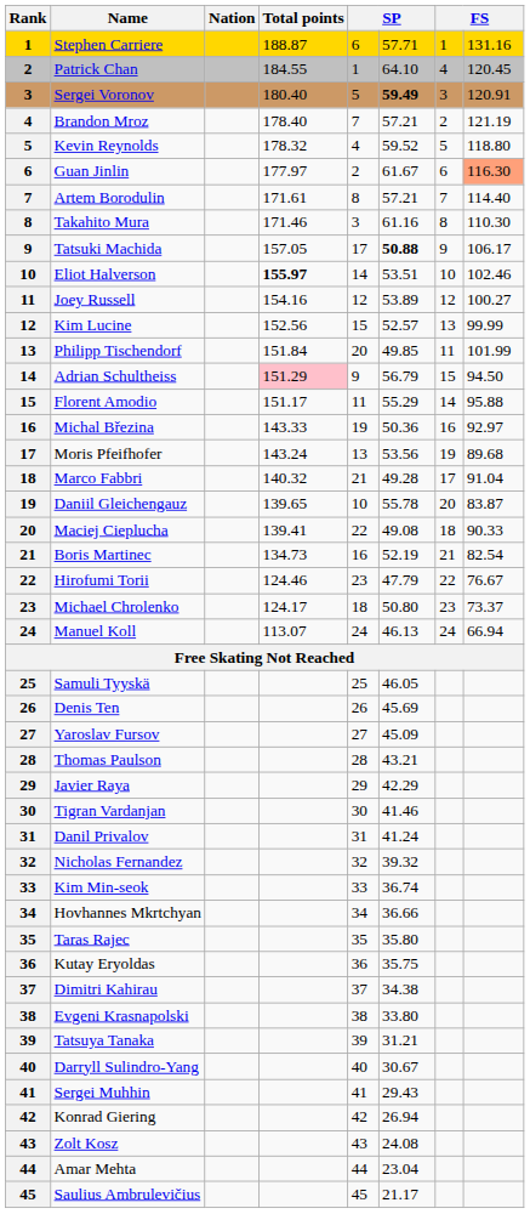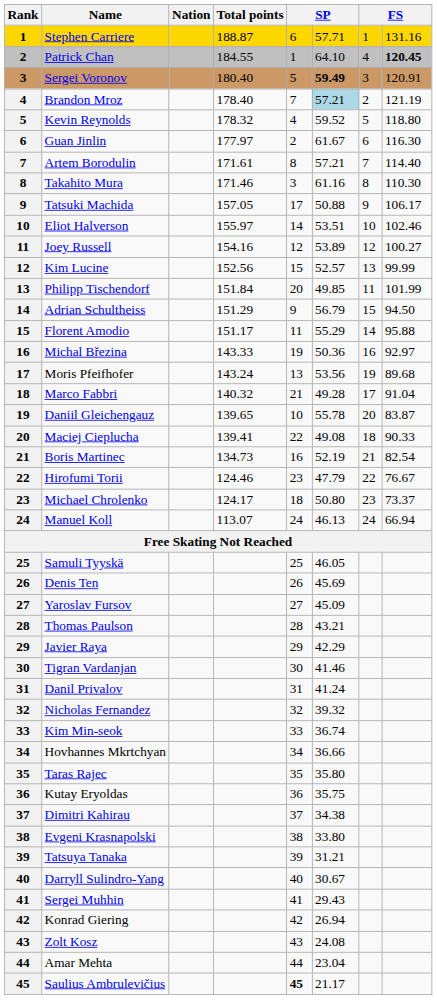 <table class="wikitable">
 <tr>
 <th>Rank</th>
 <th>Name</th>
 <th>Nation</th>
 <th>Total points</th>
 <th colspan="2" width="80px"><a href='#'>SP</a></th>
 <th colspan="2" width="80px"><a href='#'>FS</a></th>
 </tr>
 <tr bgcolor=gold>
 <td align=center><strong>1</strong></td>
 <td><a href='#'>Stephen Carriere</a></td>
 <td></td>
 <td>188.87</td>
 <td>6</td>
 <td>57.71</td>
 <td>1</td>
 <td>131.16</td>
 </tr>
 <tr bgcolor=silver>
 <td align=center><strong>2</strong></td>
 <td><a href='#'>Patrick Chan</a></td>
 <td></td>
 <td>184.55</td>
 <td>1</td>
 <td>64.10</td>
 <td>4</td>
-<td>120.45</td>
+<td><strong>120.45</strong></td>
 </tr>
 <tr bgcolor=cc9966>
 <td align=center><strong>3</strong></td>
 <td><a href='#'>Sergei Voronov</a></td>
 <td></td>
 <td>180.40</td>
 <td>5</td>
 <td><strong>59.49</strong></td>
 <td>3</td>
 <td>120.91</td>
 </tr>
 <tr>
 <th>4</th>
 <td><a href='#'>Brandon Mroz</a></td>
 <td></td>
 <td>178.40</td>
 <td>7</td>
-<td>57.21</td>
+<td style="background: lightblue;">57.21</td>
 <td>2</td>
 <td>121.19</td>
 </tr>
 <tr>
 <th>5</th>
 <td><a href='#'>Kevin Reynolds</a></td>
 <td></td>
 <td>178.32</td>
 <td>4</td>
 <td>59.52</td>
 <td>5</td>
 <td>118.80</td>
 </tr>
 <tr>
 <th>6</th>
 <td><a href='#'>Guan Jinlin</a></td>
 <td></td>
 <td>177.97</td>
 <td>2</td>
 <td>61.67</td>
 <td>6</td>
-<td style="background: lightsalmon;">116.30</td>
+<td>116.30</td>
 </tr>
 <tr>
 <th>7</th>
 <td><a href='#'>Artem Borodulin</a></td>
 <td></td>
 <td>171.61</td>
 <td>8</td>
 <td>57.21</td>
 <td>7</td>
 <td>114.40</td>
 </tr>
 <tr>
 <th>8</th>
 <td><a href='#'>Takahito Mura</a></td>
 <td></td>
 <td>171.46</td>
 <td>3</td>
 <td>61.16</td>
 <td>8</td>
 <td>110.30</td>
 </tr>
 <tr>
 <th>9</th>
 <td><a href='#'>Tatsuki Machida</a></td>
 <td></td>
 <td>157.05</td>
 <td>17</td>
-<td><strong>50.88</strong></td>
+<td>50.88</td>
 <td>9</td>
 <td>106.17</td>
 </tr>
 <tr>
 <th>10</th>
 <td><a href='#'>Eliot Halverson</a></td>
 <td></td>
-<td><strong>155.97</strong></td>
+<td>155.97</td>
 <td>14</td>
 <td>53.51</td>
 <td>10</td>
 <td>102.46</td>
 </tr>
 <tr>
 <th>11</th>
 <td><a href='#'>Joey Russell</a></td>
 <td></td>
 <td>154.16</td>
 <td>12</td>
 <td>53.89</td>
 <td>12</td>
 <td>100.27</td>
 </tr>
 <tr>
 <th>12</th>
 <td><a href='#'>Kim Lucine</a></td>
 <td></td>
 <td>152.56</td>
 <td>15</td>
 <td>52.57</td>
 <td>13</td>
 <td>99.99</td>
 </tr>
 <tr>
 <th>13</th>
 <td><a href='#'>Philipp Tischendorf</a></td>
 <td></td>
 <td>151.84</td>
 <td>20</td>
 <td>49.85</td>
 <td>11</td>
 <td>101.99</td>
 </tr>
 <tr>
 <th>14</th>
 <td><a href='#'>Adrian Schultheiss</a></td>
 <td></td>
-<td style="background: pink;">151.29</td>
+<td>151.29</td>
 <td>9</td>
 <td>56.79</td>
 <td>15</td>
 <td>94.50</td>
 </tr>
 <tr>
 <th>15</th>
 <td><a href='#'>Florent Amodio</a></td>
 <td></td>
 <td>151.17</td>
 <td>11</td>
 <td>55.29</td>
 <td>14</td>
 <td>95.88</td>
 </tr>
 <tr>
 <th>16</th>
 <td><a href='#'>Michal Březina</a></td>
 <td></td>
 <td>143.33</td>
 <td>19</td>
 <td>50.36</td>
 <td>16</td>
 <td>92.97</td>
 </tr>
 <tr>
 <th>17</th>
 <td>Moris Pfeifhofer</td>
 <td></td>
 <td>143.24</td>
 <td>13</td>
 <td>53.56</td>
 <td>19</td>
 <td>89.68</td>
 </tr>
 <tr>
 <th>18</th>
 <td><a href='#'>Marco Fabbri</a></td>
 <td></td>
 <td>140.32</td>
 <td>21</td>
 <td>49.28</td>
 <td>17</td>
 <td>91.04</td>
 </tr>
 <tr>
 <th>19</th>
 <td><a href='#'>Daniil Gleichengauz</a></td>
 <td></td>
 <td>139.65</td>
 <td>10</td>
 <td>55.78</td>
 <td>20</td>
 <td>83.87</td>
 </tr>
 <tr>
 <th>20</th>
 <td><a href='#'>Maciej Cieplucha</a></td>
 <td></td>
 <td>139.41</td>
 <td>22</td>
 <td>49.08</td>
 <td>18</td>
 <td>90.33</td>
 </tr>
 <tr>
 <th>21</th>
 <td><a href='#'>Boris Martinec</a></td>
 <td></td>
 <td>134.73</td>
 <td>16</td>
 <td>52.19</td>
 <td>21</td>
 <td>82.54</td>
 </tr>
 <tr>
 <th>22</th>
 <td><a href='#'>Hirofumi Torii</a></td>
 <td></td>
 <td>124.46</td>
 <td>23</td>
 <td>47.79</td>
 <td>22</td>
 <td>76.67</td>
 </tr>
 <tr>
 <th>23</th>
 <td><a href='#'>Michael Chrolenko</a></td>
 <td></td>
 <td>124.17</td>
 <td>18</td>
 <td>50.80</td>
 <td>23</td>
 <td>73.37</td>
 </tr>
 <tr>
 <th>24</th>
 <td><a href='#'>Manuel Koll</a></td>
 <td></td>
 <td>113.07</td>
 <td>24</td>
 <td>46.13</td>
 <td>24</td>
 <td>66.94</td>
 </tr>
 <tr>
 <th colspan=8>Free Skating Not Reached</th>
 </tr>
 <tr>
 <th>25</th>
 <td><a href='#'>Samuli Tyyskä</a></td>
 <td></td>
 <td></td>
 <td>25</td>
 <td>46.05</td>
 <td></td>
 <td></td>
 </tr>
 <tr>
 <th>26</th>
 <td><a href='#'>Denis Ten</a></td>
 <td></td>
 <td></td>
 <td>26</td>
 <td>45.69</td>
 <td></td>
 <td></td>
 </tr>
 <tr>
 <th>27</th>
 <td><a href='#'>Yaroslav Fursov</a></td>
 <td></td>
 <td></td>
 <td>27</td>
 <td>45.09</td>
 <td></td>
 <td></td>
 </tr>
 <tr>
 <th>28</th>
 <td><a href='#'>Thomas Paulson</a></td>
 <td></td>
 <td></td>
 <td>28</td>
 <td>43.21</td>
 <td></td>
 <td></td>
 </tr>
 <tr>
 <th>29</th>
 <td><a href='#'>Javier Raya</a></td>
 <td></td>
 <td></td>
 <td>29</td>
 <td>42.29</td>
 <td></td>
 <td></td>
 </tr>
 <tr>
 <th>30</th>
 <td><a href='#'>Tigran Vardanjan</a></td>
 <td></td>
 <td></td>
 <td>30</td>
 <td>41.46</td>
 <td></td>
 <td></td>
 </tr>
 <tr>
 <th>31</th>
 <td><a href='#'>Danil Privalov</a></td>
 <td></td>
 <td></td>
 <td>31</td>
 <td>41.24</td>
 <td></td>
 <td></td>
 </tr>
 <tr>
 <th>32</th>
 <td><a href='#'>Nicholas Fernandez</a></td>
 <td></td>
 <td></td>
 <td>32</td>
 <td>39.32</td>
 <td></td>
 <td></td>
 </tr>
 <tr>
 <th>33</th>
 <td><a href='#'>Kim Min-seok</a></td>
 <td></td>
 <td></td>
 <td>33</td>
 <td>36.74</td>
 <td></td>
 <td></td>
 </tr>
 <tr>
 <th>34</th>
 <td>Hovhannes Mkrtchyan</td>
 <td></td>
 <td></td>
 <td>34</td>
 <td>36.66</td>
 <td></td>
 <td></td>
 </tr>
 <tr>
 <th>35</th>
 <td><a href='#'>Taras Rajec</a></td>
 <td></td>
 <td></td>
 <td>35</td>
 <td>35.80</td>
 <td></td>
 <td></td>
 </tr>
 <tr>
 <th>36</th>
 <td>Kutay Eryoldas</td>
 <td></td>
 <td></td>
 <td>36</td>
 <td>35.75</td>
 <td></td>
 <td></td>
 </tr>
 <tr>
 <th>37</th>
 <td><a href='#'>Dimitri Kahirau</a></td>
 <td></td>
 <td></td>
 <td>37</td>
 <td>34.38</td>
 <td></td>
 <td></td>
 </tr>
 <tr>
 <th>38</th>
 <td><a href='#'>Evgeni Krasnapolski</a></td>
 <td></td>
 <td></td>
 <td>38</td>
 <td>33.80</td>
 <td></td>
 <td></td>
 </tr>
 <tr>
 <th>39</th>
 <td><a href='#'>Tatsuya Tanaka</a></td>
 <td></td>
 <td></td>
 <td>39</td>
 <td>31.21</td>
 <td></td>
 <td></td>
 </tr>
 <tr>
 <th>40</th>
 <td><a href='#'>Darryll Sulindro-Yang</a></td>
 <td></td>
 <td></td>
 <td>40</td>
 <td>30.67</td>
 <td></td>
 <td></td>
 </tr>
 <tr>
 <th>41</th>
 <td><a href='#'>Sergei Muhhin</a></td>
 <td></td>
 <td></td>
 <td>41</td>
 <td>29.43</td>
 <td></td>
 <td></td>
 </tr>
 <tr>
 <th>42</th>
 <td>Konrad Giering</td>
 <td></td>
 <td></td>
 <td>42</td>
 <td>26.94</td>
 <td></td>
 <td></td>
 </tr>
 <tr>
 <th>43</th>
 <td><a href='#'>Zolt Kosz</a></td>
 <td></td>
 <td></td>
 <td>43</td>
 <td>24.08</td>
 <td></td>
 <td></td>
 </tr>
 <tr>
 <th>44</th>
 <td>Amar Mehta</td>
 <td></td>
 <td></td>
 <td>44</td>
 <td>23.04</td>
 <td></td>
 <td></td>
 </tr>
 <tr>
 <th>45</th>
 <td><a href='#'>Saulius Ambrulevičius</a></td>
 <td></td>
 <td></td>
-<td>45</td>
+<td><strong>45</strong></td>
 <td>21.17</td>
 <td></td>
 <td></td>
 </tr>
 </table>
